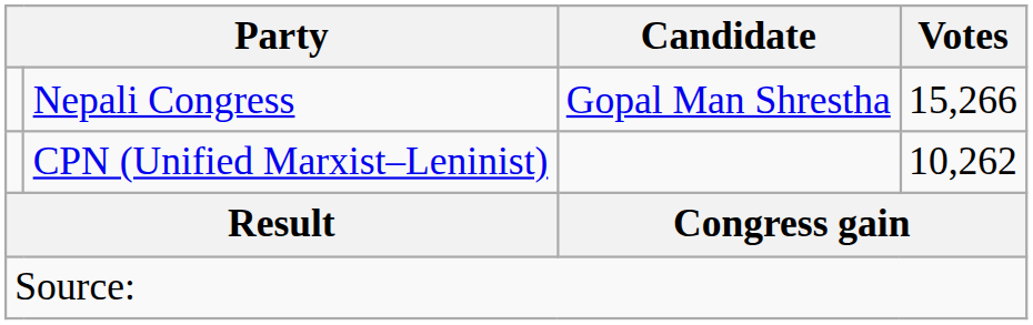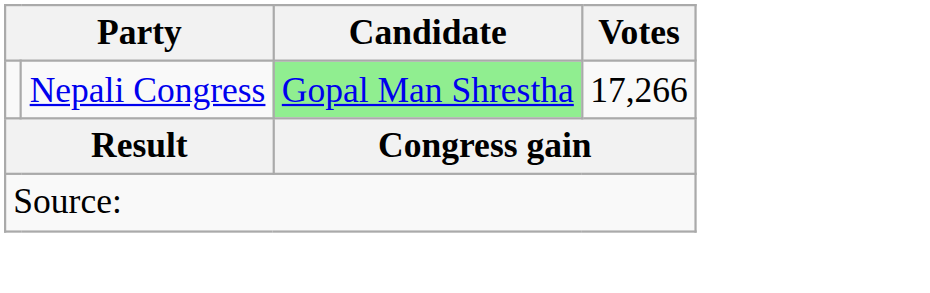 <table class="wikitable">
 <tr>
 <th colspan="2">Party</th>
 <th>Candidate</th>
 <th>Votes</th>
 </tr>
 <tr>
 <td style="background-color:"></td>
 <td><a href='#'>Nepali Congress</a></td>
-<td><a href='#'>Gopal Man Shrestha</a></td>
-<td>15,266</td>
-</tr>
-<tr>
-<td style="background-color:"></td>
-<td><a href='#'>CPN (Unified Marxist–Leninist)</a></td>
-<td></td>
-<td>10,262</td>
+<td style="background: lightgreen;"><a href='#'>Gopal Man Shrestha</a></td>
+<td>17,266</td>
 </tr>
 <tr>
 <th colspan="2">Result</th>
 <th colspan="2">Congress gain</th>
 </tr>
 <tr>
 <td colspan="4">Source: </td>
 </tr>
 </table>
